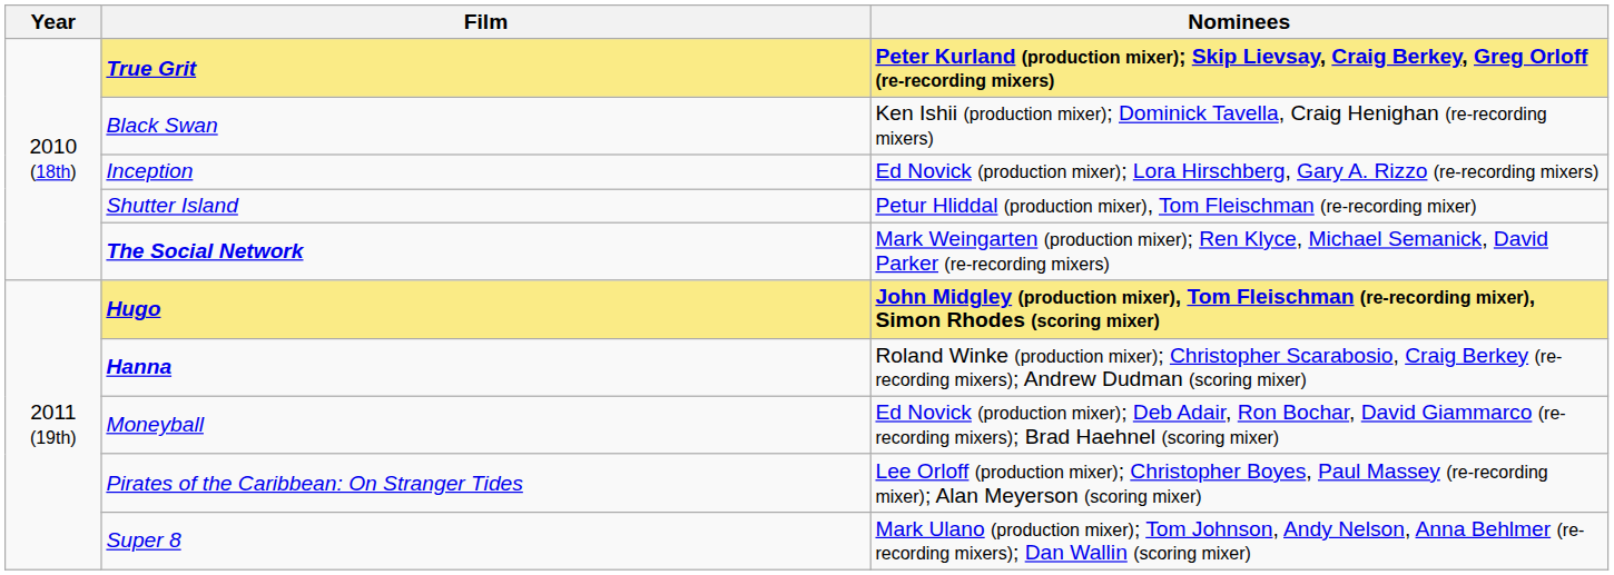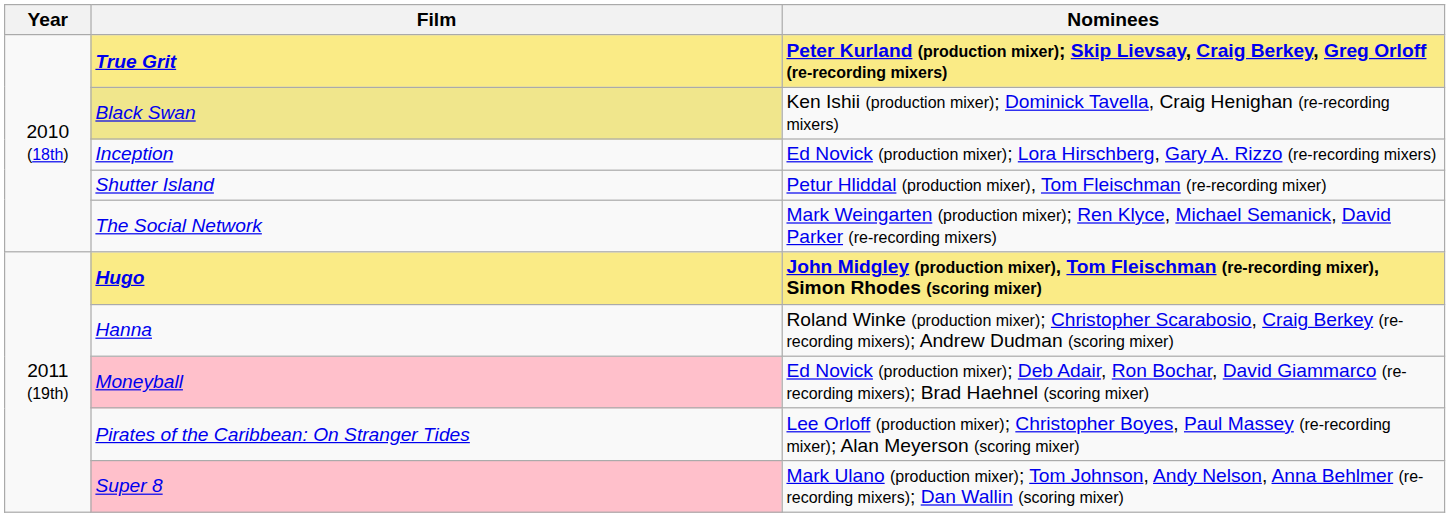 <table class="wikitable" width="95%" cellpadding="5">
 <tr>
 <th width="6%">Year</th>
 <th width="48%">Film</th>
 <th width="48%">Nominees</th>
 </tr>
 <tr>
 <td rowspan="5" style="text-align:center;">2010 <br><small>(<a href='#'>18th</a>)</small><br></td>
 <td style="background:#FAEB86;"><strong><em><a href='#'>True Grit</a></em></strong></td>
 <td style="background:#FAEB86;"><strong><a href='#'>Peter Kurland</a> <small>(production mixer)</small>; <a href='#'>Skip Lievsay</a>, <a href='#'>Craig Berkey</a>, <a href='#'>Greg Orloff</a> <small>(re-recording mixers)</small></strong></td>
 </tr>
 <tr>
-<td><em><a href='#'>Black Swan</a></em></td>
+<td style="background: khaki;"><em><a href='#'>Black Swan</a></em></td>
 <td>Ken Ishii <small>(production mixer)</small>; <a href='#'>Dominick Tavella</a>, Craig Henighan <small>(re-recording mixers)</small></td>
 </tr>
 <tr>
 <td><em><a href='#'>Inception</a></em></td>
 <td><a href='#'>Ed Novick</a> <small>(production mixer)</small>; <a href='#'>Lora Hirschberg</a>, <a href='#'>Gary A. Rizzo</a> <small>(re-recording mixers)</small></td>
 </tr>
 <tr>
 <td><em><a href='#'>Shutter Island</a></em></td>
 <td><a href='#'>Petur Hliddal</a> <small>(production mixer)</small>, <a href='#'>Tom Fleischman</a> <small>(re-recording mixer)</small></td>
 </tr>
 <tr>
-<td><strong><em><a href='#'>The Social Network</a></em></strong></td>
+<td><em><a href='#'>The Social Network</a></em></td>
 <td><a href='#'>Mark Weingarten</a> <small>(production mixer)</small>; <a href='#'>Ren Klyce</a>, <a href='#'>Michael Semanick</a>, <a href='#'>David Parker</a> <small>(re-recording mixers)</small></td>
 </tr>
 <tr>
 <td rowspan="5" style="text-align:center;">2011 <br><small>(19th)</small><br></td>
 <td style="background:#FAEB86;"><strong><em><a href='#'>Hugo</a></em></strong></td>
 <td style="background:#FAEB86;"><strong><a href='#'>John Midgley</a> <small>(production mixer)</small>, <a href='#'>Tom Fleischman</a> <small>(re-recording mixer)</small>, Simon Rhodes <small>(scoring mixer)</small></strong></td>
 </tr>
 <tr>
-<td><strong><em><a href='#'>Hanna</a></em></strong></td>
+<td><em><a href='#'>Hanna</a></em></td>
 <td>Roland Winke <small>(production mixer)</small>; <a href='#'>Christopher Scarabosio</a>, <a href='#'>Craig Berkey</a> <small>(re-recording mixers)</small>; Andrew Dudman <small>(scoring mixer)</small></td>
 </tr>
 <tr>
-<td><em><a href='#'>Moneyball</a></em></td>
+<td style="background: pink;"><em><a href='#'>Moneyball</a></em></td>
 <td><a href='#'>Ed Novick</a> <small>(production mixer)</small>; <a href='#'>Deb Adair</a>, <a href='#'>Ron Bochar</a>, <a href='#'>David Giammarco</a> <small>(re-recording mixers)</small>; Brad Haehnel <small>(scoring mixer)</small></td>
 </tr>
 <tr>
 <td><em><a href='#'>Pirates of the Caribbean: On Stranger Tides</a></em></td>
 <td><a href='#'>Lee Orloff</a> <small>(production mixer)</small>; <a href='#'>Christopher Boyes</a>, <a href='#'>Paul Massey</a> <small>(re-recording mixer)</small>; Alan Meyerson <small>(scoring mixer)</small></td>
 </tr>
 <tr>
-<td><em><a href='#'>Super 8</a></em></td>
+<td style="background: pink;"><em><a href='#'>Super 8</a></em></td>
 <td><a href='#'>Mark Ulano</a> <small>(production mixer)</small>; <a href='#'>Tom Johnson</a>, <a href='#'>Andy Nelson</a>, <a href='#'>Anna Behlmer</a> <small>(re-recording mixers)</small>; <a href='#'>Dan Wallin</a> <small>(scoring mixer)</small></td>
 </tr>
 </table>
